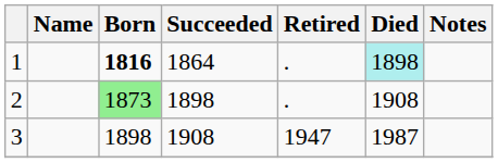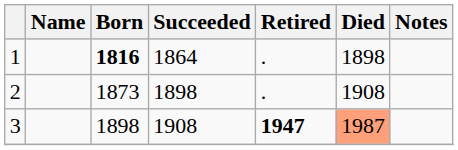 <table class=wikitable>
 <tr>
 <th></th>
 <th>Name</th>
 <th>Born</th>
 <th>Succeeded</th>
 <th>Retired</th>
 <th>Died</th>
 <th>Notes</th>
 </tr>
 <tr>
 <td>1</td>
 <td></td>
 <td><strong>1816</strong></td>
 <td>1864</td>
 <td>.</td>
-<td style="background: paleturquoise;">1898</td>
+<td>1898</td>
 <td></td>
 </tr>
 <tr>
 <td>2</td>
 <td></td>
-<td style="background: lightgreen;">1873</td>
+<td>1873</td>
 <td>1898</td>
 <td>.</td>
 <td>1908</td>
 <td></td>
 </tr>
 <tr>
 <td>3</td>
 <td></td>
 <td>1898</td>
 <td>1908</td>
-<td>1947</td>
-<td>1987</td>
+<td><strong>1947</strong></td>
+<td style="background: lightsalmon;">1987</td>
 <td></td>
 </tr>
 <tr>
 </tr>
 </table>
